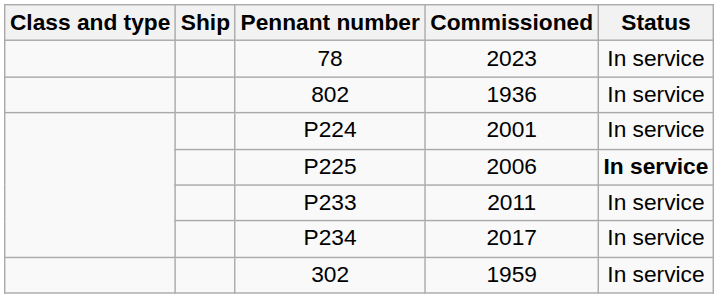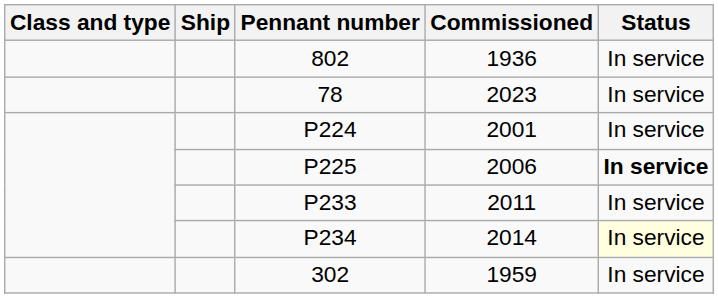 <table class="wikitable" style="text-align:center;">
 <tr>
 <th>Class and type</th>
 <th>Ship</th>
 <th>Pennant number</th>
 <th>Commissioned</th>
 <th>Status</th>
 </tr>
 <tr>
 <td></td>
 <td></td>
-<td>78</td>
-<td>2023</td>
+<td>802</td>
+<td>1936</td>
 <td>In service</td>
 </tr>
 <tr>
 <td></td>
 <td></td>
-<td>802</td>
-<td>1936</td>
+<td>78</td>
+<td>2023</td>
 <td>In service</td>
 </tr>
 <tr>
 <td rowspan=4></td>
 <td></td>
 <td>P224</td>
 <td>2001</td>
 <td>In service</td>
 </tr>
 <tr>
 <td></td>
 <td>P225</td>
 <td>2006</td>
 <td><strong>In service</strong></td>
 </tr>
 <tr>
 <td></td>
 <td>P233</td>
 <td>2011</td>
 <td>In service</td>
 </tr>
 <tr>
 <td></td>
 <td>P234</td>
-<td>2017</td>
-<td>In service</td>
+<td>2014</td>
+<td style="background: lightyellow;">In service</td>
 </tr>
 <tr>
 <td></td>
 <td></td>
 <td>302</td>
 <td>1959</td>
 <td>In service</td>
 </tr>
 </table>
